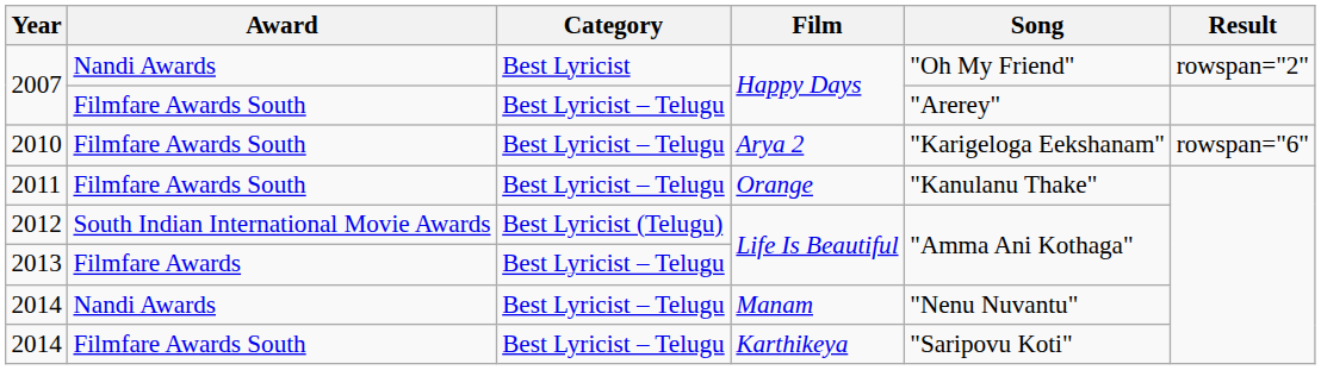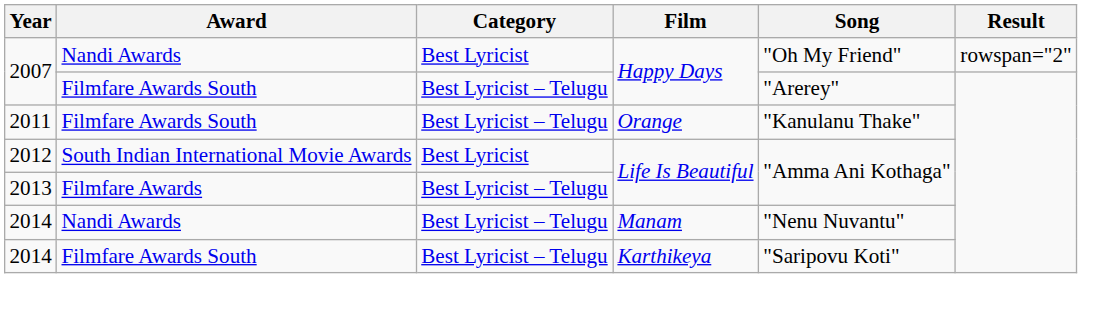 <table class="wikitable">
 <tr>
 <th>Year</th>
 <th>Award</th>
 <th>Category</th>
 <th>Film</th>
 <th>Song</th>
 <th>Result</th>
 </tr>
 <tr>
 <td rowspan="2">2007</td>
 <td><a href='#'>Nandi Awards</a></td>
 <td><a href='#'>Best Lyricist</a></td>
 <td rowspan="2"><em><a href='#'>Happy Days</a></em></td>
 <td>"Oh My Friend"</td>
 <td>rowspan="2" </td>
 </tr>
 <tr>
 <td><a href='#'>Filmfare Awards South</a></td>
 <td><a href='#'>Best Lyricist – Telugu</a></td>
 <td>"Arerey"</td>
 </tr>
 <tr>
-<td>2010</td>
-<td><a href='#'>Filmfare Awards South</a></td>
-<td><a href='#'>Best Lyricist – Telugu</a></td>
-<td><em><a href='#'>Arya 2</a></em></td>
-<td>"Karigeloga Eekshanam"</td>
-<td>rowspan="6" </td>
-</tr>
-<tr>
 <td>2011</td>
 <td><a href='#'>Filmfare Awards South</a></td>
 <td><a href='#'>Best Lyricist – Telugu</a></td>
 <td><a href='#'><em>Orange</em></a></td>
 <td>"Kanulanu Thake"</td>
 </tr>
 <tr>
 <td>2012</td>
 <td><a href='#'>South Indian International Movie Awards</a></td>
-<td><a href='#'>Best Lyricist (Telugu)</a></td>
+<td><a href='#'>Best Lyricist</a></td>
 <td rowspan="2"><em><a href='#'>Life Is Beautiful</a></em></td>
 <td rowspan="2">"Amma Ani Kothaga"</td>
 </tr>
 <tr>
 <td>2013</td>
 <td><a href='#'>Filmfare Awards</a></td>
 <td><a href='#'>Best Lyricist – Telugu</a></td>
 </tr>
 <tr>
 <td>2014</td>
 <td><a href='#'>Nandi Awards</a></td>
 <td><a href='#'>Best Lyricist – Telugu</a></td>
 <td><em><a href='#'>Manam</a></em></td>
 <td>"Nenu Nuvantu"</td>
 </tr>
 <tr>
 <td>2014</td>
 <td><a href='#'>Filmfare Awards South</a></td>
 <td><a href='#'>Best Lyricist – Telugu</a></td>
 <td><em><a href='#'>Karthikeya</a></em></td>
 <td>"Saripovu Koti"</td>
 </tr>
 </table>
